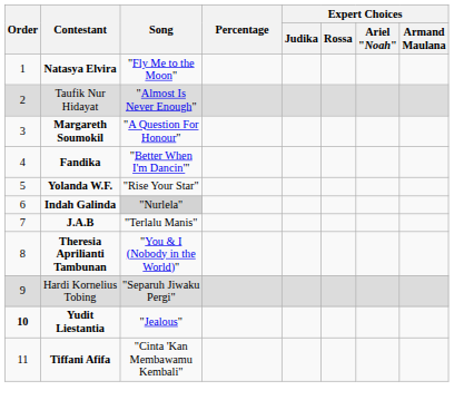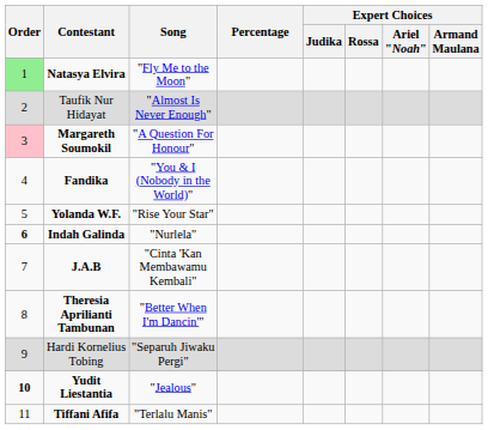 <table class="wikitable" style="text-align:center; width:100%;">
 <tr>
 <th scope="col" rowspan="2" style="width:05%;">Order</th>
 <th scope="col" rowspan="2" style="width:20%;">Contestant</th>
 <th scope="col" rowspan="2" style="width:20%;">Song</th>
 <th scope="col" rowspan="2" style="width:20%;">Percentage</th>
 <th scope="col" colspan="4" style="width:32%;">Expert Choices</th>
 </tr>
 <tr>
 <th style="width:08%;">Judika</th>
 <th style="width:08%;">Rossa</th>
 <th style="width:08%;">Ariel "<em>Noah</em>"</th>
 <th style="width:08%;">Armand Maulana</th>
 </tr>
 <tr>
-<td>1</td>
+<td style="background: lightgreen;">1</td>
 <td><strong>Natasya Elvira</strong></td>
 <td>"<a href='#'>Fly Me to the Moon</a>"</td>
 <td></td>
 <td></td>
 <td></td>
 <td></td>
 <td></td>
 </tr>
 <tr style="background:#DCDCDC;">
 <td>2</td>
 <td>Taufik Nur Hidayat</td>
 <td>"<a href='#'>Almost Is Never Enough</a>"</td>
 <td></td>
 <td></td>
 <td></td>
 <td></td>
 <td></td>
 </tr>
 <tr>
-<td>3</td>
+<td style="background: pink;">3</td>
 <td><strong>Margareth Soumokil</strong></td>
 <td>"<a href='#'>A Question For Honour</a>"</td>
 <td></td>
 <td></td>
 <td></td>
 <td></td>
 <td></td>
 </tr>
 <tr>
 <td>4</td>
 <td><strong>Fandika</strong></td>
-<td>"<a href='#'>Better When I'm Dancin'</a>"</td>
+<td>"<a href='#'>You & I (Nobody in the World)</a>"</td>
 <td></td>
 <td></td>
 <td></td>
 <td></td>
 <td></td>
 </tr>
 <tr>
 <td>5</td>
 <td><strong>Yolanda W.F.</strong></td>
 <td>"Rise Your Star"</td>
 <td></td>
 <td></td>
 <td></td>
 <td></td>
 <td></td>
 </tr>
 <tr>
-<td>6</td>
+<td><strong>6</strong></td>
 <td><strong>Indah Galinda</strong></td>
-<td style="background: lightgrey;">"Nurlela"</td>
+<td>"Nurlela"</td>
 <td></td>
 <td></td>
 <td></td>
 <td></td>
 <td></td>
 </tr>
 <tr>
 <td>7</td>
 <td><strong>J.A.B</strong></td>
-<td>"Terlalu Manis"</td>
+<td>"Cinta 'Kan Membawamu Kembali"</td>
 <td></td>
 <td></td>
 <td></td>
 <td></td>
 <td></td>
 </tr>
 <tr>
 <td>8</td>
 <td><strong>Theresia Aprilianti Tambunan</strong></td>
-<td>"<a href='#'>You & I (Nobody in the World)</a>"</td>
+<td>"<a href='#'>Better When I'm Dancin'</a>"</td>
 <td></td>
 <td></td>
 <td></td>
 <td></td>
 <td></td>
 </tr>
 <tr style="background:#DCDCDC;">
 <td>9</td>
 <td>Hardi Kornelius Tobing</td>
 <td>"Separuh Jiwaku Pergi"</td>
 <td></td>
 <td></td>
 <td></td>
 <td></td>
 <td></td>
 </tr>
 <tr>
 <td><strong>10</strong></td>
 <td><strong>Yudit Liestantia</strong></td>
 <td>"<a href='#'>Jealous</a>"</td>
 <td></td>
 <td></td>
 <td></td>
 <td></td>
 <td></td>
 </tr>
 <tr>
 <td>11</td>
 <td><strong>Tiffani Afifa</strong></td>
-<td>"Cinta 'Kan Membawamu Kembali"</td>
+<td>"Terlalu Manis"</td>
 <td></td>
 <td></td>
 <td></td>
 <td></td>
 <td></td>
 </tr>
 </table>
